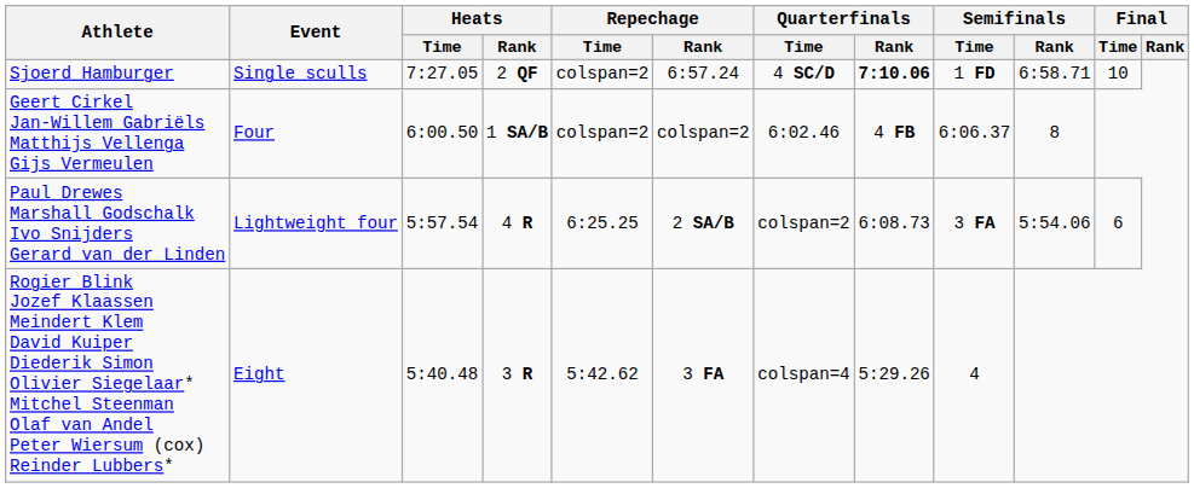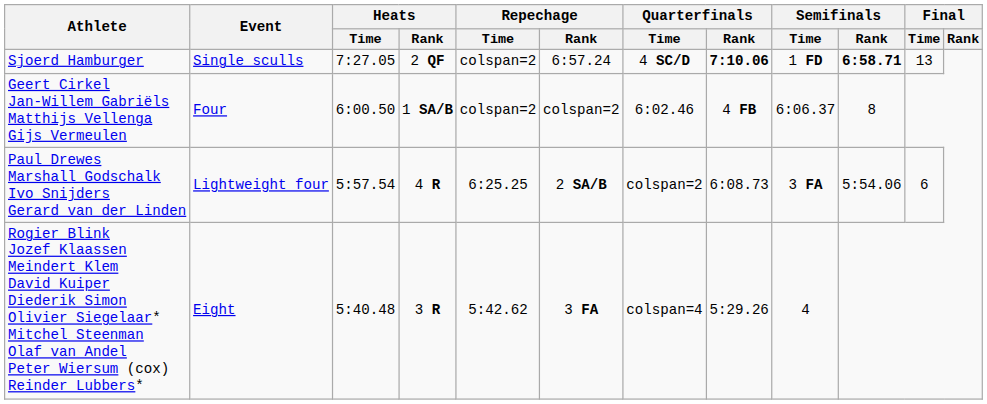 <table class="wikitable" style="font-size:90%">
 <tr>
 <th rowspan="2">Athlete</th>
 <th rowspan="2">Event</th>
 <th colspan="2">Heats</th>
 <th colspan="2">Repechage</th>
 <th colspan="2">Quarterfinals</th>
 <th colspan="2">Semifinals</th>
 <th colspan="2">Final</th>
 </tr>
 <tr style="font-size:95%">
 <th>Time</th>
 <th>Rank</th>
 <th>Time</th>
 <th>Rank</th>
 <th>Time</th>
 <th>Rank</th>
 <th>Time</th>
 <th>Rank</th>
 <th>Time</th>
 <th>Rank</th>
 </tr>
 <tr align=center>
 <td align=left><a href='#'>Sjoerd Hamburger</a></td>
 <td align=left><a href='#'>Single sculls</a></td>
 <td>7:27.05</td>
 <td>2 <strong>QF</strong></td>
 <td>colspan=2 </td>
 <td>6:57.24</td>
 <td>4 <strong>SC/D</strong></td>
 <td><strong>7:10.06</strong></td>
 <td>1 <strong>FD</strong></td>
-<td>6:58.71</td>
-<td>10</td>
+<td><strong>6:58.71</strong></td>
+<td>13</td>
 </tr>
 <tr align=center>
 <td align=left><a href='#'>Geert Cirkel</a><br><a href='#'>Jan-Willem Gabriëls</a><br><a href='#'>Matthijs Vellenga</a><br><a href='#'>Gijs Vermeulen</a></td>
 <td align=left><a href='#'>Four</a></td>
 <td>6:00.50</td>
 <td>1 <strong>SA/B</strong></td>
 <td>colspan=2 </td>
 <td>colspan=2 </td>
 <td>6:02.46</td>
 <td>4 <strong>FB</strong></td>
 <td>6:06.37</td>
 <td>8</td>
 </tr>
 <tr align=center>
 <td align=left><a href='#'>Paul Drewes</a><br><a href='#'>Marshall Godschalk</a><br><a href='#'>Ivo Snijders</a><br><a href='#'>Gerard van der Linden</a></td>
 <td align=left><a href='#'>Lightweight four</a></td>
 <td>5:57.54</td>
 <td>4 <strong>R</strong></td>
 <td>6:25.25</td>
 <td>2 <strong>SA/B</strong></td>
 <td>colspan=2 </td>
 <td>6:08.73</td>
 <td>3 <strong>FA</strong></td>
 <td>5:54.06</td>
 <td>6</td>
 </tr>
 <tr align=center>
 <td align=left><a href='#'>Rogier Blink</a><br><a href='#'>Jozef Klaassen</a><br><a href='#'>Meindert Klem</a><br><a href='#'>David Kuiper</a><br><a href='#'>Diederik Simon</a> <br><a href='#'>Olivier Siegelaar</a>* <br><a href='#'>Mitchel Steenman</a> <br><a href='#'>Olaf van Andel</a><br><a href='#'>Peter Wiersum</a> (cox)<br><a href='#'>Reinder Lubbers</a>*</td>
 <td align=left><a href='#'>Eight</a></td>
 <td>5:40.48</td>
 <td>3 <strong>R</strong></td>
 <td>5:42.62</td>
 <td>3 <strong>FA</strong></td>
 <td>colspan=4 </td>
 <td>5:29.26</td>
 <td>4</td>
 </tr>
 </table>
